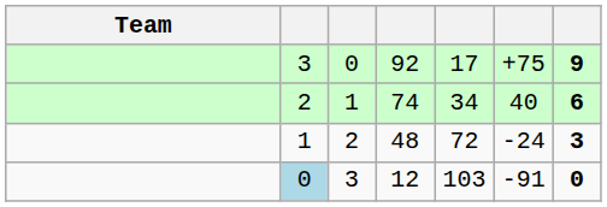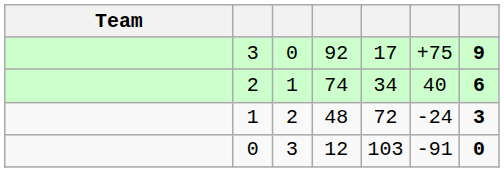 <table class="wikitable" style="text-align:center;">
 <tr>
 <th style="width:11.0em;">Team</th>
 <th style="width:1.5em;"></th>
 <th style="width:1.5em;"></th>
 <th style="width:2.0em;"></th>
 <th style="width:2.0em;"></th>
 <th style="width:2.0em;"></th>
 <th style="width:1.5em;"></th>
 </tr>
 <tr bgcolor=#cfc>
 <td align="left"></td>
 <td>3</td>
 <td>0</td>
 <td>92</td>
 <td>17</td>
 <td>+75</td>
 <td><strong>9</strong></td>
 </tr>
 <tr bgcolor="#cfc">
 <td align="left"></td>
 <td>2</td>
 <td>1</td>
 <td>74</td>
 <td>34</td>
 <td>40</td>
 <td><strong>6</strong></td>
 </tr>
 <tr>
 <td align="left"></td>
 <td>1</td>
 <td>2</td>
 <td>48</td>
 <td>72</td>
 <td>-24</td>
 <td><strong>3</strong></td>
 </tr>
 <tr>
 <td align="left"></td>
-<td style="background: lightblue;">0</td>
+<td>0</td>
 <td>3</td>
 <td>12</td>
 <td>103</td>
 <td>-91</td>
 <td><strong>0</strong></td>
 </tr>
 </table>
